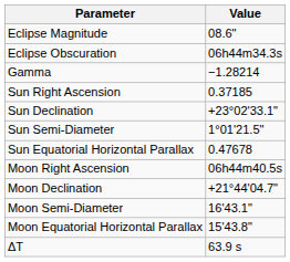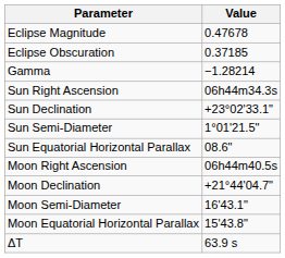 <table class="wikitable">
 <tr>
 <th>Parameter</th>
 <th>Value</th>
 </tr>
 <tr>
 <td>Eclipse Magnitude</td>
-<td>08.6"</td>
+<td>0.47678</td>
 </tr>
 <tr>
 <td>Eclipse Obscuration</td>
-<td>06h44m34.3s</td>
+<td>0.37185</td>
 </tr>
 <tr>
 <td>Gamma</td>
 <td>−1.28214</td>
 </tr>
 <tr>
 <td>Sun Right Ascension</td>
-<td>0.37185</td>
+<td>06h44m34.3s</td>
 </tr>
 <tr>
 <td>Sun Declination</td>
 <td>+23°02'33.1"</td>
 </tr>
 <tr>
 <td>Sun Semi-Diameter</td>
 <td>1°01'21.5"</td>
 </tr>
 <tr>
 <td>Sun Equatorial Horizontal Parallax</td>
-<td>0.47678</td>
+<td>08.6"</td>
 </tr>
 <tr>
 <td>Moon Right Ascension</td>
 <td>06h44m40.5s</td>
 </tr>
 <tr>
 <td>Moon Declination</td>
 <td>+21°44'04.7"</td>
 </tr>
 <tr>
 <td>Moon Semi-Diameter</td>
 <td>16'43.1"</td>
 </tr>
 <tr>
 <td>Moon Equatorial Horizontal Parallax</td>
 <td>15'43.8"</td>
 </tr>
 <tr>
 <td>ΔT</td>
 <td>63.9 s</td>
 </tr>
 </table>
